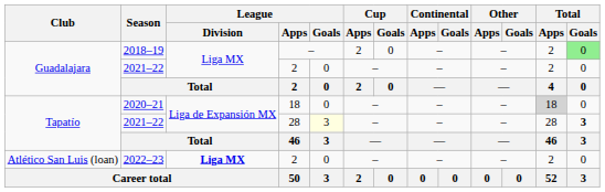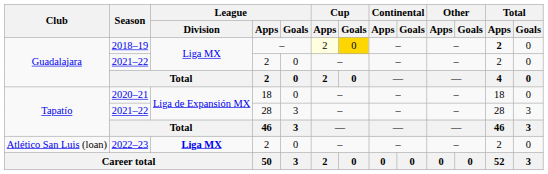 <table class="wikitable" style="text-align: center">
 <tr>
 <th rowspan="2">Club</th>
 <th rowspan="2">Season</th>
 <th colspan="3">League</th>
 <th colspan="2">Cup</th>
 <th colspan="2">Continental</th>
 <th colspan="2">Other</th>
 <th colspan="2">Total</th>
 </tr>
 <tr>
 <th>Division</th>
 <th>Apps</th>
 <th>Goals</th>
 <th>Apps</th>
 <th>Goals</th>
 <th>Apps</th>
 <th>Goals</th>
 <th>Apps</th>
 <th>Goals</th>
 <th>Apps</th>
 <th>Goals</th>
 </tr>
 <tr>
 <td rowspan="3"><a href='#'>Guadalajara</a></td>
 <td><a href='#'>2018–19</a></td>
 <td rowspan="2"><a href='#'>Liga MX</a></td>
 <td colspan="2">–</td>
-<td>2</td>
-<td>0</td>
+<td style="background: lightyellow;">2</td>
+<td style="background: gold;">0</td>
 <td colspan="2">–</td>
 <td colspan="2">–</td>
-<td>2</td>
-<td style="background: lightgreen;">0</td>
+<td><strong>2</strong></td>
+<td>0</td>
 </tr>
 <tr>
 <td><a href='#'>2021–22</a></td>
 <td>2</td>
 <td>0</td>
 <td colspan="2">–</td>
 <td colspan="2">–</td>
 <td colspan="2">–</td>
 <td>2</td>
 <td>0</td>
 </tr>
 <tr>
 <th colspan="2">Total</th>
 <th>2</th>
 <th>0</th>
 <th>2</th>
 <th>0</th>
 <th colspan="2">—</th>
 <th colspan="2">—</th>
 <th>4</th>
 <th>0</th>
 </tr>
 <tr>
 <td rowspan="3"><a href='#'>Tapatío</a></td>
 <td><a href='#'>2020–21</a></td>
 <td rowspan="2"><a href='#'>Liga de Expansión MX</a></td>
 <td>18</td>
 <td>0</td>
 <td colspan="2">–</td>
 <td colspan="2">–</td>
 <td colspan="2">–</td>
-<td style="background: lightgrey;">18</td>
+<td>18</td>
 <td>0</td>
 </tr>
 <tr>
 <td><a href='#'>2021–22</a></td>
 <td>28</td>
-<td style="background: lightyellow;">3</td>
+<td>3</td>
 <td colspan="2">–</td>
 <td colspan="2">–</td>
 <td colspan="2">–</td>
 <td>28</td>
-<td><strong>3</strong></td>
+<td>3</td>
 </tr>
 <tr>
 <th colspan="2">Total</th>
 <th>46</th>
 <th>3</th>
 <th colspan="2">—</th>
 <th colspan="2">—</th>
 <th colspan="2">—</th>
 <th>46</th>
 <th>3</th>
 </tr>
 <tr>
 <td><a href='#'>Atlético San Luis</a> (loan)</td>
 <td><a href='#'>2022–23</a></td>
 <td><strong><a href='#'>Liga MX</a></strong></td>
 <td>2</td>
 <td>0</td>
 <td colspan="2">–</td>
 <td colspan="2">–</td>
 <td colspan="2">–</td>
 <td>2</td>
 <td>0</td>
 </tr>
 <tr>
 <th colspan="3"><strong>Career total</strong></th>
 <th>50</th>
 <th>3</th>
 <th>2</th>
 <th>0</th>
 <th>0</th>
 <th>0</th>
 <th>0</th>
 <th>0</th>
 <th>52</th>
 <th>3</th>
 </tr>
 </table>
